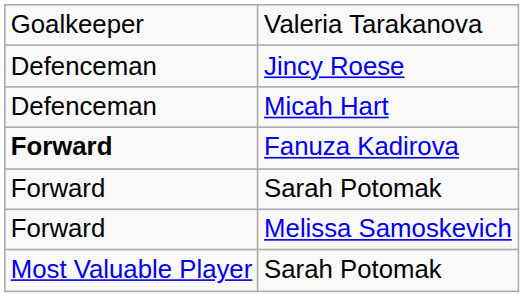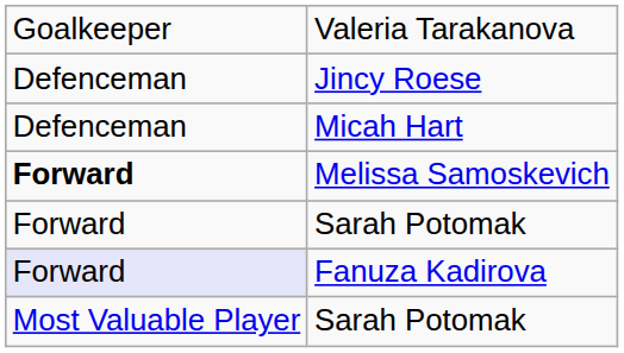 <table class="wikitable">
 <tr>
 <td>Goalkeeper</td>
 <td> Valeria Tarakanova</td>
 </tr>
 <tr>
 <td>Defenceman</td>
 <td> <a href='#'>Jincy Roese</a></td>
 </tr>
 <tr>
 <td>Defenceman</td>
 <td> <a href='#'>Micah Hart</a></td>
 </tr>
 <tr>
 <td><strong>Forward</strong></td>
-<td> <a href='#'>Fanuza Kadirova</a></td>
+<td> <a href='#'>Melissa Samoskevich</a></td>
 </tr>
 <tr>
 <td>Forward</td>
 <td> Sarah Potomak</td>
 </tr>
 <tr>
-<td>Forward</td>
-<td> <a href='#'>Melissa Samoskevich</a></td>
+<td style="background: lavender;">Forward</td>
+<td> <a href='#'>Fanuza Kadirova</a></td>
 </tr>
 <tr>
 <td><a href='#'>Most Valuable Player</a></td>
 <td> Sarah Potomak</td>
 </tr>
 </table>
